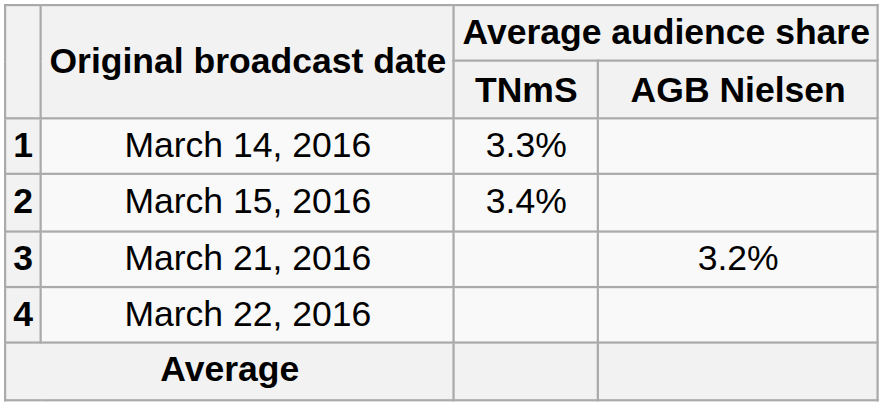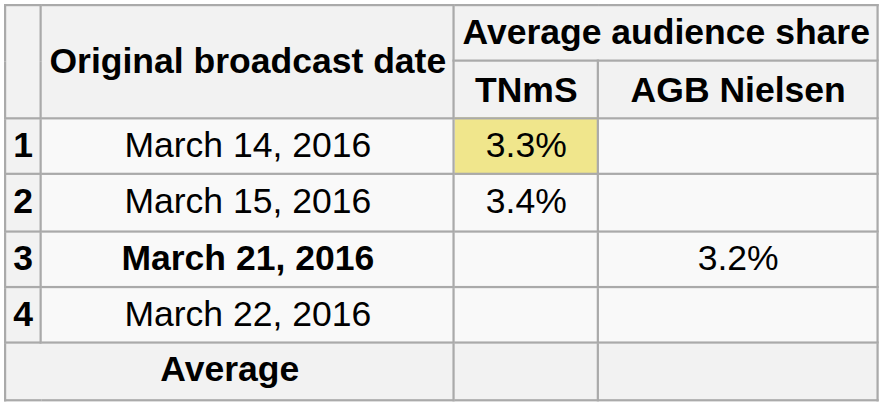 <table class=wikitable style="text-align:center">
 <tr>
 <th rowspan="2"></th>
 <th rowspan="2">Original broadcast date</th>
 <th colspan="2">Average audience share</th>
 </tr>
 <tr>
 <th>TNmS</th>
 <th>AGB Nielsen</th>
 </tr>
 <tr>
 <th>1</th>
 <td>March 14, 2016</td>
-<td>3.3%</td>
+<td style="background: khaki;">3.3%</td>
 <td></td>
 </tr>
 <tr>
 <th>2</th>
 <td>March 15, 2016</td>
 <td>3.4%</td>
 <td></td>
 </tr>
 <tr>
 <th>3</th>
-<td>March 21, 2016</td>
+<td><strong>March 21, 2016</strong></td>
 <td></td>
 <td>3.2%</td>
 </tr>
 <tr>
 <th>4</th>
 <td>March 22, 2016</td>
 <td></td>
 <td></td>
 </tr>
 <tr>
 <th colspan=2>Average</th>
 <th></th>
 <th></th>
 </tr>
 </table>
